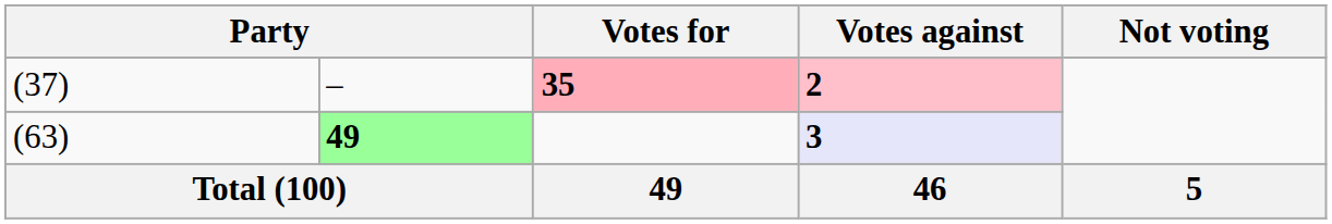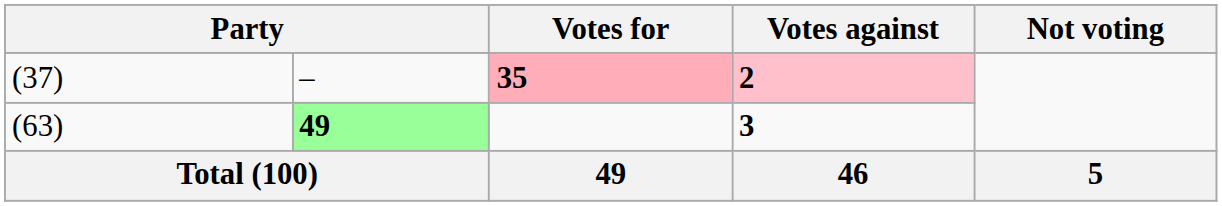 <table class="wikitable" style="width:50%;">
 <tr>
 <th colspan="2">Party</th>
 <th style="width:20%;">Votes for</th>
 <th style="width:20%;">Votes against</th>
 <th style="width:20%;">Not voting</th>
 </tr>
 <tr>
 <td> (37)</td>
 <td>–</td>
 <td style="background-color:#ffaeb9;"><strong>35</strong></td>
 <td style="background: pink;"><strong>2</strong></td>
 </tr>
 <tr>
 <td> (63)</td>
 <td style="background-color:#9f9;"><strong>49</strong></td>
 <td></td>
-<td style="background: lavender;"><strong>3</strong></td>
+<td><strong>3</strong></td>
 </tr>
 <tr>
 <th colspan="2">Total (100)</th>
 <th>49</th>
 <th>46</th>
 <th>5</th>
 </tr>
 </table>
